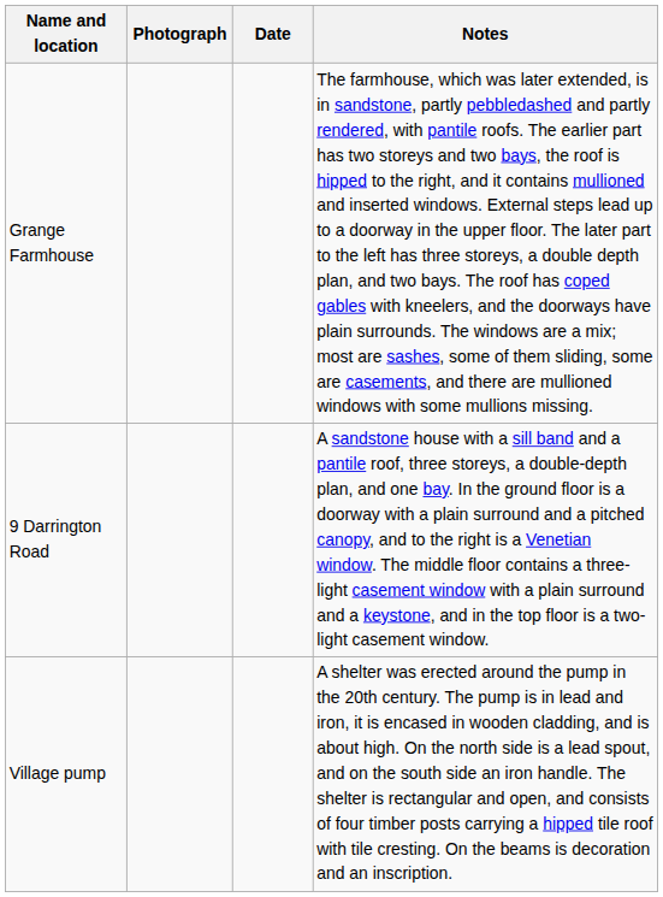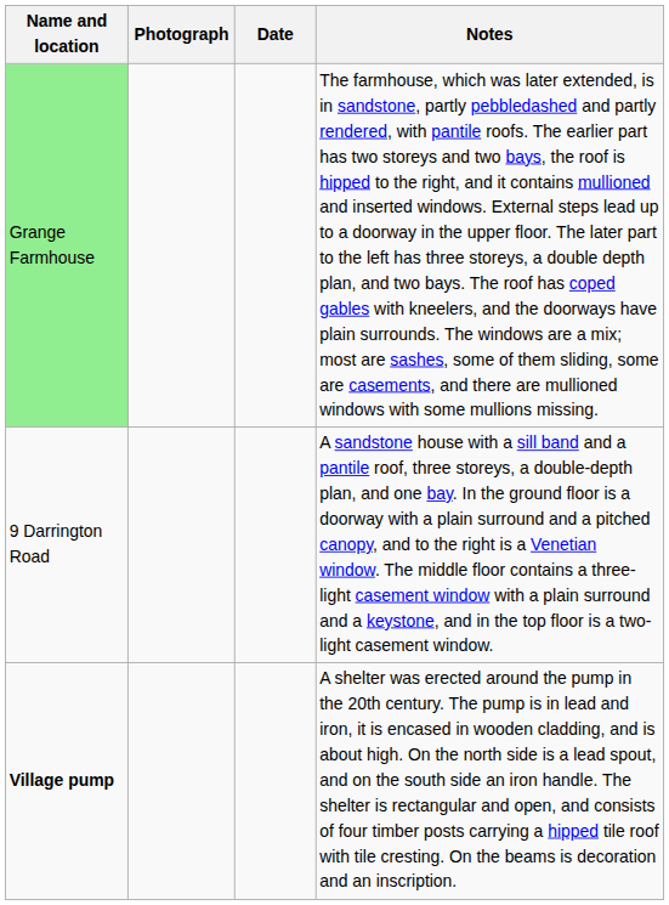 <table class="wikitable sortable plainrowheaders" style="width:100%;border:0px;text-align:left;line-height:150%;">
 <tr>
 <th scope="col"  style="width:150px">Name and location</th>
 <th scope="col"  style="width:100px" class="unsortable">Photograph</th>
 <th scope="col"  style="width:120px">Date</th>
 <th scope="col"  style="width:650px" class="unsortable">Notes</th>
 </tr>
 <tr>
-<td>Grange Farmhouse<br><small></small></td>
+<td style="background: lightgreen;">Grange Farmhouse<br><small></small></td>
 <td></td>
 <td align="center"></td>
 <td>The farmhouse, which was later extended, is in <a href='#'>sandstone</a>, partly <a href='#'>pebbledashed</a> and partly <a href='#'>rendered</a>, with <a href='#'>pantile</a> roofs.  The earlier part has two storeys and two <a href='#'>bays</a>, the roof is <a href='#'>hipped</a> to the right, and it contains <a href='#'>mullioned</a> and inserted windows.  External steps lead up to a doorway in the upper floor.  The later part to the left has three storeys, a double depth plan, and two bays.  The roof has <a href='#'>coped</a> <a href='#'>gables</a> with kneelers, and the doorways have plain surrounds.  The windows are a mix; most are <a href='#'>sashes</a>, some of them sliding, some are <a href='#'>casements</a>, and there are mullioned windows with some mullions missing.</td>
 </tr>
 <tr>
 <td>9 Darrington Road<br><small></small></td>
 <td></td>
 <td align="center"></td>
 <td>A <a href='#'>sandstone</a> house with a <a href='#'>sill band</a> and a <a href='#'>pantile</a> roof, three storeys, a double-depth plan, and one <a href='#'>bay</a>.  In the ground floor is a doorway with a plain surround and a pitched <a href='#'>canopy</a>, and to the right is a <a href='#'>Venetian window</a>.  The middle floor contains a three-light <a href='#'>casement window</a> with a plain surround and a <a href='#'>keystone</a>, and in the top floor is a two-light casement window.</td>
 </tr>
 <tr>
-<td>Village pump<br><small></small></td>
+<td><strong>Village pump<br><small></small></strong></td>
 <td></td>
 <td align="center"></td>
 <td>A shelter was erected around the pump in the 20th century.  The pump is in lead and iron, it is encased in wooden cladding, and is about  high.  On the north side is a lead spout, and on the south side an iron handle.  The shelter is rectangular and open, and consists of four timber posts carrying a <a href='#'>hipped</a> tile roof with tile cresting.  On the beams is decoration and an inscription.</td>
 </tr>
 <tr>
 </tr>
 </table>
